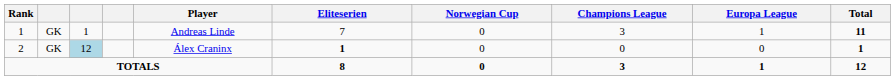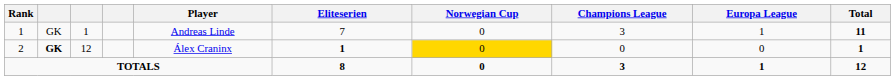 <table class="wikitable" style="font-size: 95%; text-align: center;">
 <tr>
 <th width=40>Rank</th>
 <th width=40></th>
 <th width=40></th>
 <th width=40></th>
 <th width=200>Player</th>
 <th width=200><a href='#'>Eliteserien</a></th>
 <th width=200><a href='#'>Norwegian Cup</a></th>
 <th width=200><a href='#'>Champions League</a></th>
 <th width=200><a href='#'>Europa League</a></th>
 <th width=80>Total</th>
 </tr>
 <tr>
 <td>1</td>
 <td>GK</td>
 <td>1</td>
 <td></td>
 <td><a href='#'>Andreas Linde</a></td>
 <td>7</td>
 <td>0</td>
 <td>3</td>
 <td>1</td>
 <td><strong>11</strong></td>
 </tr>
 <tr>
 <td>2</td>
-<td>GK</td>
-<td style="background: lightblue;">12</td>
+<td><strong>GK</strong></td>
+<td>12</td>
 <td></td>
 <td><a href='#'>Álex Craninx</a></td>
 <td><strong>1</strong></td>
-<td>0</td>
+<td style="background: gold;">0</td>
 <td>0</td>
 <td>0</td>
 <td><strong>1</strong></td>
 </tr>
 <tr>
 <td colspan="5"><strong>TOTALS</strong></td>
 <td><strong>8</strong></td>
 <td><strong>0</strong></td>
 <td><strong>3</strong></td>
 <td><strong>1</strong></td>
 <td><strong>12</strong></td>
 </tr>
 </table>
